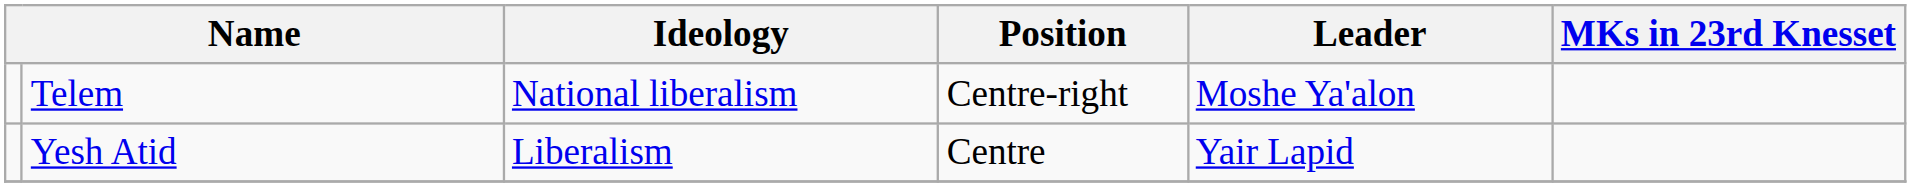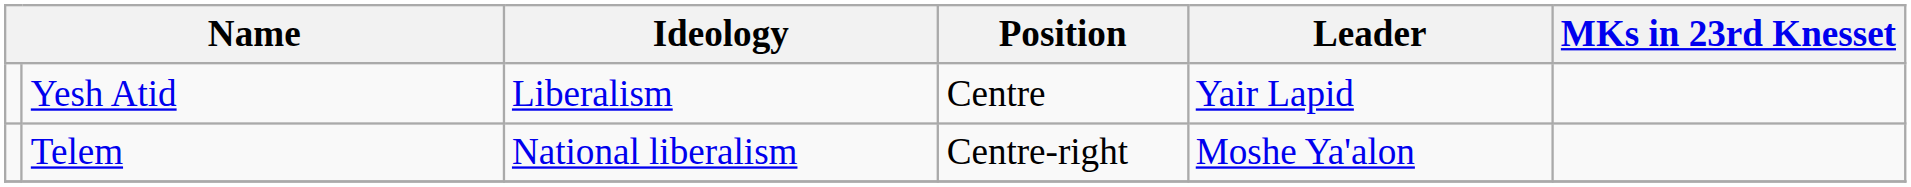 <table class="wikitable">
 <tr>
 <th colspan=2>Name</th>
 <th>Ideology</th>
 <th>Position</th>
 <th>Leader</th>
 <th><a href='#'>MKs in 23rd Knesset</a></th>
 </tr>
 <tr>
 <td style="background:"></td>
+<td style="width:200px"><a href='#'>Yesh Atid</a></td>
+<td style="width:180px"><a href='#'>Liberalism</a></td>
+<td style="width:100px">Centre</td>
+<td style="width:150px"><a href='#'>Yair Lapid</a></td>
+<td></td>
+</tr>
+<tr>
+<td style="background:"></td>
 <td style="width:200px"><a href='#'>Telem</a></td>
 <td style="width:180px"><a href='#'>National liberalism</a></td>
 <td style="width:100px">Centre-right</td>
 <td style="width:150px"><a href='#'>Moshe Ya'alon</a></td>
 <td></td>
 </tr>
 <tr>
-<td style="background:"></td>
-<td style="width:200px"><a href='#'>Yesh Atid</a></td>
-<td style="width:180px"><a href='#'>Liberalism</a></td>
-<td style="width:100px">Centre</td>
-<td style="width:150px"><a href='#'>Yair Lapid</a></td>
-<td></td>
-</tr>
-<tr>
 </tr>
 </table>
